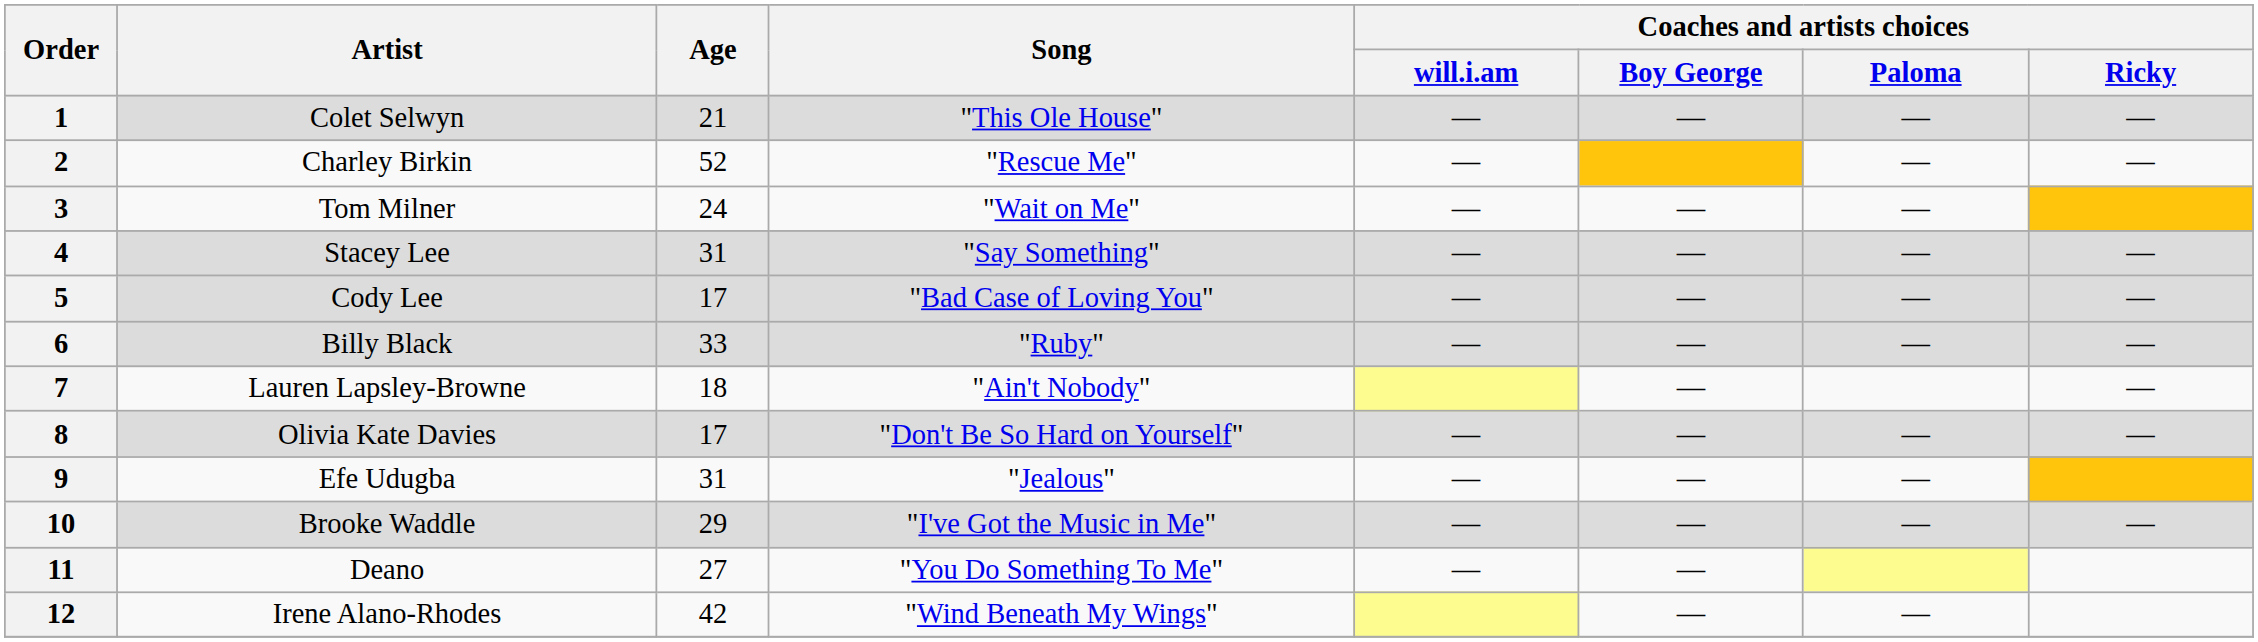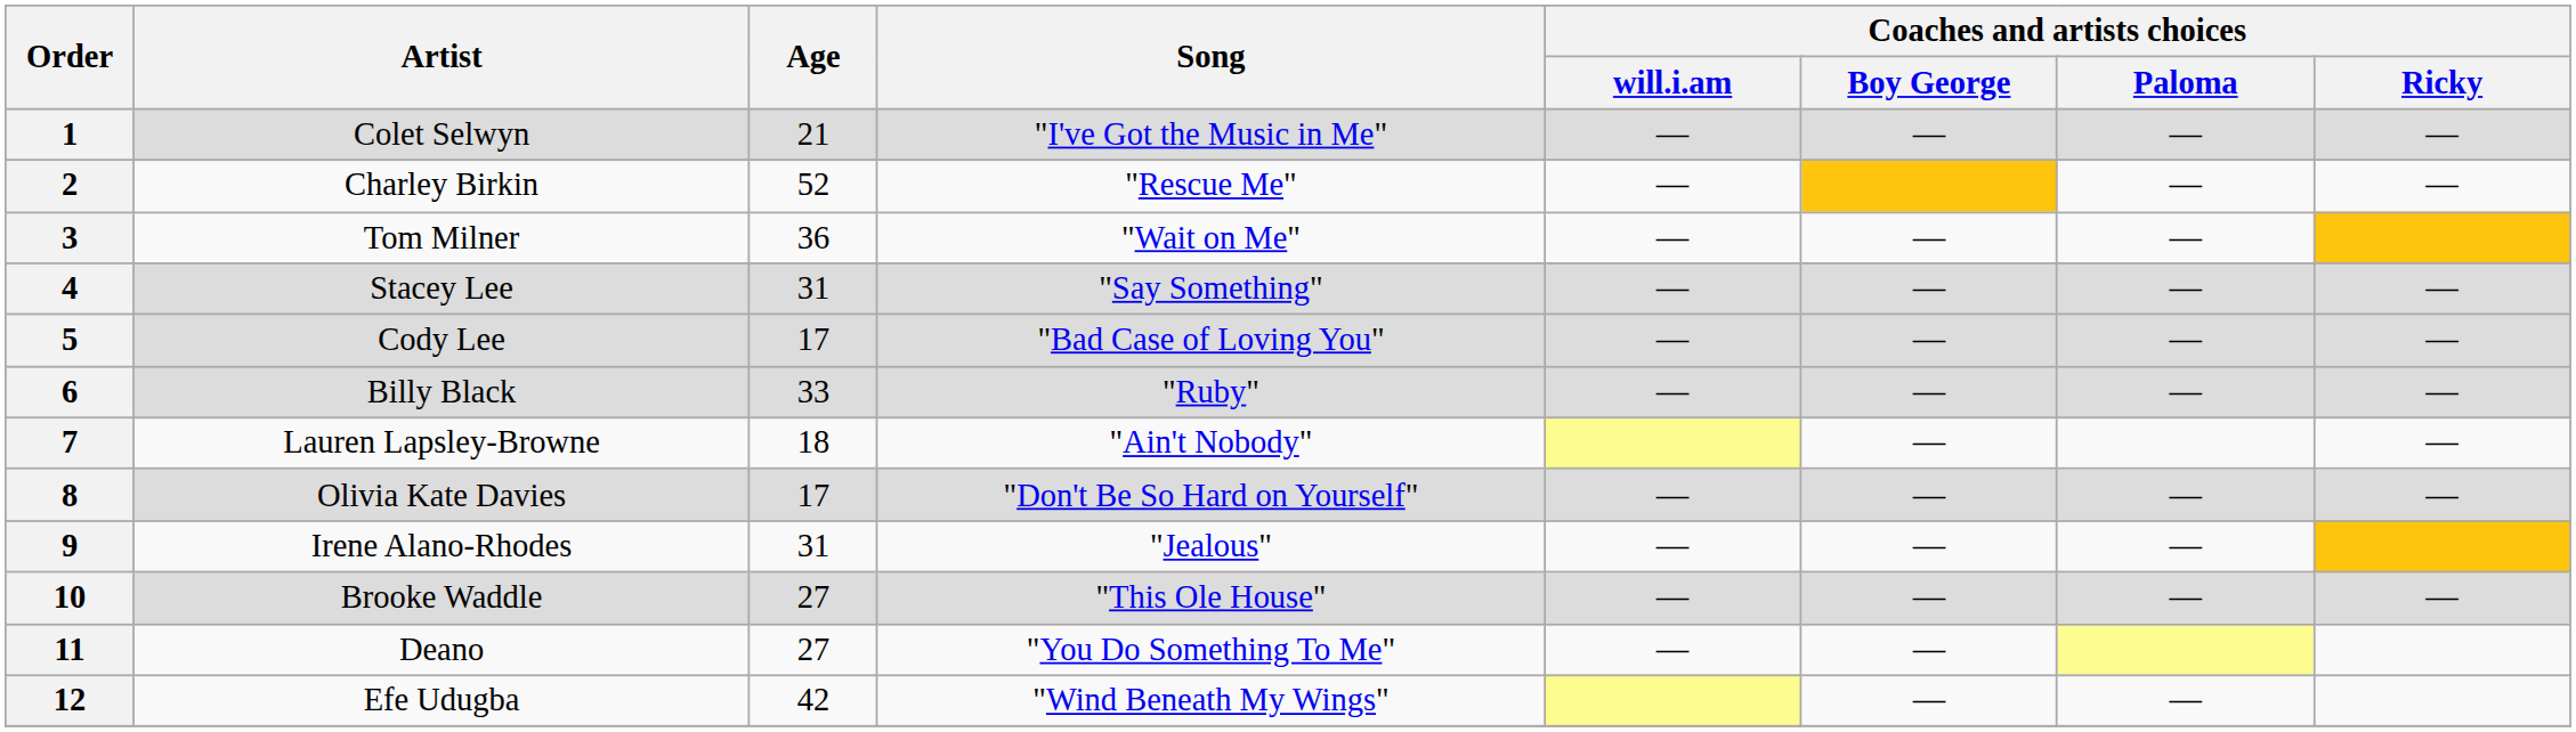 <table class="wikitable" style="text-align:center; width:100%;">
 <tr>
 <th scope="col" rowspan="2" style="width:05%;">Order</th>
 <th scope="col" rowspan="2" style="width:24%;">Artist</th>
 <th scope="col" rowspan="2" style="width:05%;">Age</th>
 <th scope="col" rowspan="2" style="width:26%;">Song</th>
 <th colspan="4" style="width:40%;">Coaches and artists choices</th>
 </tr>
 <tr>
 <th style="width:10%;"><a href='#'>will.i.am</a></th>
 <th style="width:10%;"><a href='#'>Boy George</a></th>
 <th style="width:10%;"><a href='#'>Paloma</a></th>
 <th style="width:10%;"><a href='#'>Ricky</a></th>
 </tr>
 <tr style="background:#DCDCDC">
 <th scope="col">1</th>
 <td style="background:#DCDCDC;">Colet Selwyn</td>
 <td style="background:#DCDCDC; text-align:center;">21</td>
-<td style="background:#DCDCDC; text-align:center;">"<a href='#'>This Ole House</a>"</td>
+<td style="background:#DCDCDC; text-align:center;">"<a href='#'>I've Got the Music in Me</a>"</td>
 <td>—</td>
 <td>—</td>
 <td>—</td>
 <td>—</td>
 </tr>
 <tr>
 <th scope="col">2</th>
 <td>Charley Birkin</td>
 <td>52</td>
 <td>"<a href='#'>Rescue Me</a>"</td>
 <td>—</td>
 <td style="background:#FFC40C;text-align:center;"><strong></strong></td>
 <td>—</td>
 <td>—</td>
 </tr>
 <tr>
 <th scope="col">3</th>
 <td>Tom Milner</td>
-<td>24</td>
+<td>36</td>
 <td>"<a href='#'>Wait on Me</a>"</td>
 <td>—</td>
 <td>—</td>
 <td>—</td>
 <td style="background:#FFC40C;text-align:center;"><strong></strong></td>
 </tr>
 <tr style="background:#DCDCDC">
 <th scope="col">4</th>
 <td style="background:#DCDCDC;">Stacey Lee</td>
 <td style="background:#DCDCDC; text-align:center;">31</td>
 <td style="background:#DCDCDC; text-align:center;">"<a href='#'>Say Something</a>"</td>
 <td>—</td>
 <td>—</td>
 <td>—</td>
 <td>—</td>
 </tr>
 <tr style="background:#DCDCDC">
 <th scope="col">5</th>
 <td style="background:#DCDCDC;">Cody Lee</td>
 <td style="background:#DCDCDC; text-align:center;">17</td>
 <td style="background:#DCDCDC; text-align:center;">"<a href='#'>Bad Case of Loving You</a>"</td>
 <td>—</td>
 <td>—</td>
 <td>—</td>
 <td>—</td>
 </tr>
 <tr style="background:#DCDCDC">
 <th scope="col">6</th>
 <td style="background:#DCDCDC;">Billy Black</td>
 <td style="background:#DCDCDC; text-align:center;">33</td>
 <td style="background:#DCDCDC; text-align:center;">"<a href='#'>Ruby</a>"</td>
 <td>—</td>
 <td>—</td>
 <td>—</td>
 <td>—</td>
 </tr>
 <tr>
 <th scope="col">7</th>
 <td>Lauren Lapsley-Browne</td>
 <td>18</td>
 <td>"<a href='#'>Ain't Nobody</a>"</td>
 <td style="background:#fdfc8f;"><strong></strong></td>
 <td>—</td>
 <td><strong></strong></td>
 <td>—</td>
 </tr>
 <tr style="background:#DCDCDC">
 <th scope="col">8</th>
 <td style="background:#DCDCDC;">Olivia Kate Davies</td>
 <td style="background:#DCDCDC; text-align:center;">17</td>
 <td style="background:#DCDCDC; text-align:center;">"<a href='#'>Don't Be So Hard on Yourself</a>"</td>
 <td>—</td>
 <td>—</td>
 <td>—</td>
 <td>—</td>
 </tr>
 <tr>
 <th scope="col">9</th>
-<td>Efe Udugba</td>
+<td>Irene Alano-Rhodes</td>
 <td>31</td>
 <td>"<a href='#'>Jealous</a>"</td>
 <td>—</td>
 <td>—</td>
 <td>—</td>
 <td style="background:#FFC40C;text-align:center;"><strong></strong></td>
 </tr>
 <tr style="background:#DCDCDC">
 <th scope="col">10</th>
 <td style="background:#DCDCDC;">Brooke Waddle</td>
-<td style="background:#DCDCDC; text-align:center;">29</td>
-<td style="background:#DCDCDC; text-align:center;">"<a href='#'>I've Got the Music in Me</a>"</td>
+<td style="background:#DCDCDC; text-align:center;">27</td>
+<td style="background:#DCDCDC; text-align:center;">"<a href='#'>This Ole House</a>"</td>
 <td>—</td>
 <td>—</td>
 <td>—</td>
 <td>—</td>
 </tr>
 <tr>
 <th scope="col">11</th>
 <td>Deano</td>
 <td>27</td>
 <td>"<a href='#'>You Do Something To Me</a>"</td>
 <td>—</td>
 <td>—</td>
 <td style="background:#fdfc8f;"><strong></strong></td>
 <td><strong></strong></td>
 </tr>
 <tr>
 <th scope="col">12</th>
-<td>Irene Alano-Rhodes</td>
+<td>Efe Udugba</td>
 <td>42</td>
 <td>"<a href='#'>Wind Beneath My Wings</a>"</td>
 <td style="background:#fdfc8f;"><strong></strong></td>
 <td>—</td>
 <td>—</td>
 <td><strong></strong></td>
 </tr>
 <tr>
 </tr>
 </table>
